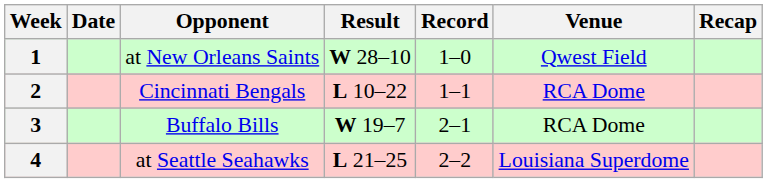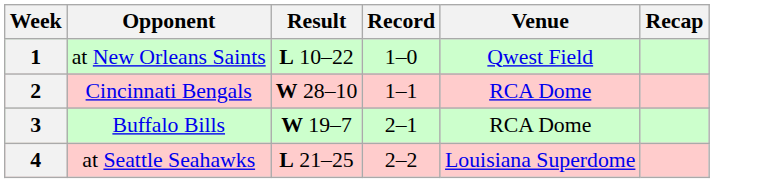 <table class="wikitable" style="text-align:center">
 <tr>
 <th>Week</th>
-<th>Date</th>
 <th>Opponent</th>
 <th>Result</th>
 <th>Record</th>
 <th>Venue</th>
 <th>Recap</th>
 </tr>
 <tr style="background:#cfc">
 <th>1</th>
-<td></td>
 <td>at <a href='#'>New Orleans Saints</a></td>
-<td><strong>W</strong> 28–10</td>
+<td><strong>L</strong> 10–22</td>
 <td>1–0</td>
 <td><a href='#'>Qwest Field</a></td>
 <td></td>
 </tr>
 <tr style="background:#fcc">
 <th>2</th>
-<td></td>
 <td><a href='#'>Cincinnati Bengals</a></td>
-<td><strong>L</strong> 10–22</td>
+<td><strong>W</strong> 28–10</td>
 <td>1–1</td>
 <td><a href='#'>RCA Dome</a></td>
 <td></td>
 </tr>
 <tr style="background:#cfc">
 <th>3</th>
-<td></td>
 <td><a href='#'>Buffalo Bills</a></td>
 <td><strong>W</strong> 19–7</td>
 <td>2–1</td>
 <td>RCA Dome</td>
 <td></td>
 </tr>
 <tr style="background:#fcc">
 <th>4</th>
-<td></td>
 <td>at <a href='#'>Seattle Seahawks</a></td>
 <td><strong>L</strong> 21–25</td>
 <td>2–2</td>
 <td><a href='#'>Louisiana Superdome</a></td>
 <td></td>
 </tr>
 </table>
